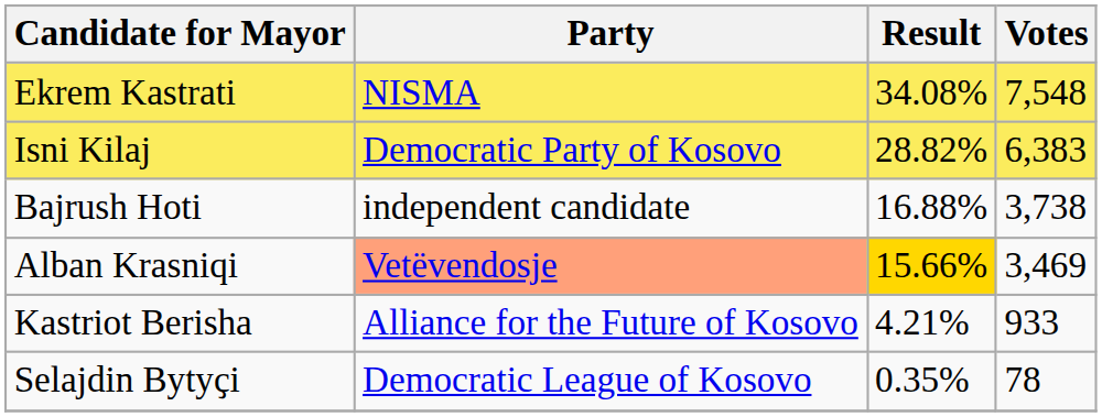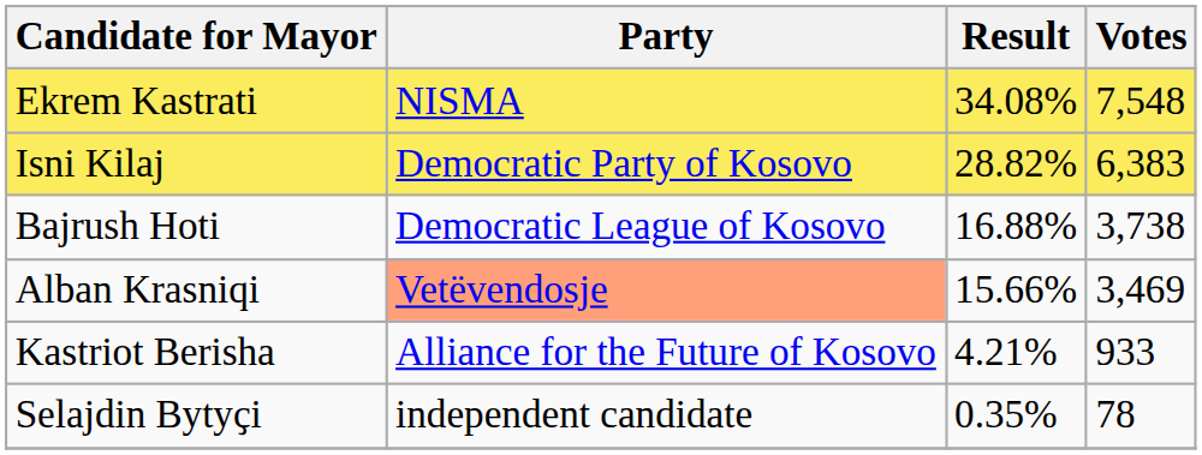 <table class=wikitable>
 <tr>
 <th>Candidate for Mayor</th>
 <th>Party</th>
 <th>Result</th>
 <th>Votes</th>
 </tr>
 <tr>
 <td style="background:#FBEC5D;">Ekrem Kastrati</td>
 <td style="background:#FBEC5D;"><a href='#'>NISMA</a></td>
 <td style="background:#FBEC5D;">34.08%</td>
 <td style="background:#FBEC5D;">7,548</td>
 </tr>
 <tr>
 <td style="background:#FBEC5D;">Isni Kilaj</td>
 <td style="background:#FBEC5D;"><a href='#'>Democratic Party of Kosovo</a></td>
 <td style="background:#FBEC5D;">28.82%</td>
 <td style="background:#FBEC5D;">6,383</td>
 </tr>
 <tr>
 <td>Bajrush Hoti</td>
-<td>independent candidate</td>
+<td><a href='#'>Democratic League of Kosovo</a></td>
 <td>16.88%</td>
 <td>3,738</td>
 </tr>
 <tr>
 <td>Alban Krasniqi</td>
 <td style="background: lightsalmon;"><a href='#'>Vetëvendosje</a></td>
-<td style="background: gold;">15.66%</td>
+<td>15.66%</td>
 <td>3,469</td>
 </tr>
 <tr>
 <td>Kastriot Berisha</td>
 <td><a href='#'>Alliance for the Future of Kosovo</a></td>
 <td>4.21%</td>
 <td>933</td>
 </tr>
 <tr>
 <td>Selajdin Bytyҫi</td>
-<td><a href='#'>Democratic League of Kosovo</a></td>
+<td>independent candidate</td>
 <td>0.35%</td>
 <td>78</td>
 </tr>
 <tr>
 </tr>
 </table>
